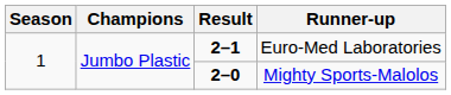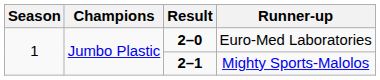 <table class="wikitable" style="text-align:center">
 <tr>
 <th>Season</th>
 <th>Champions</th>
 <th>Result</th>
 <th>Runner-up</th>
 </tr>
 <tr>
 <td rowspan=2>1</td>
 <td rowspan=2><a href='#'>Jumbo Plastic</a></td>
-<td><strong>2–1</strong></td>
+<td><strong>2–0</strong></td>
 <td>Euro-Med Laboratories</td>
 </tr>
 <tr>
-<td><strong>2–0</strong></td>
+<td><strong>2–1</strong></td>
 <td><a href='#'>Mighty Sports-Malolos</a></td>
 </tr>
 </table>
